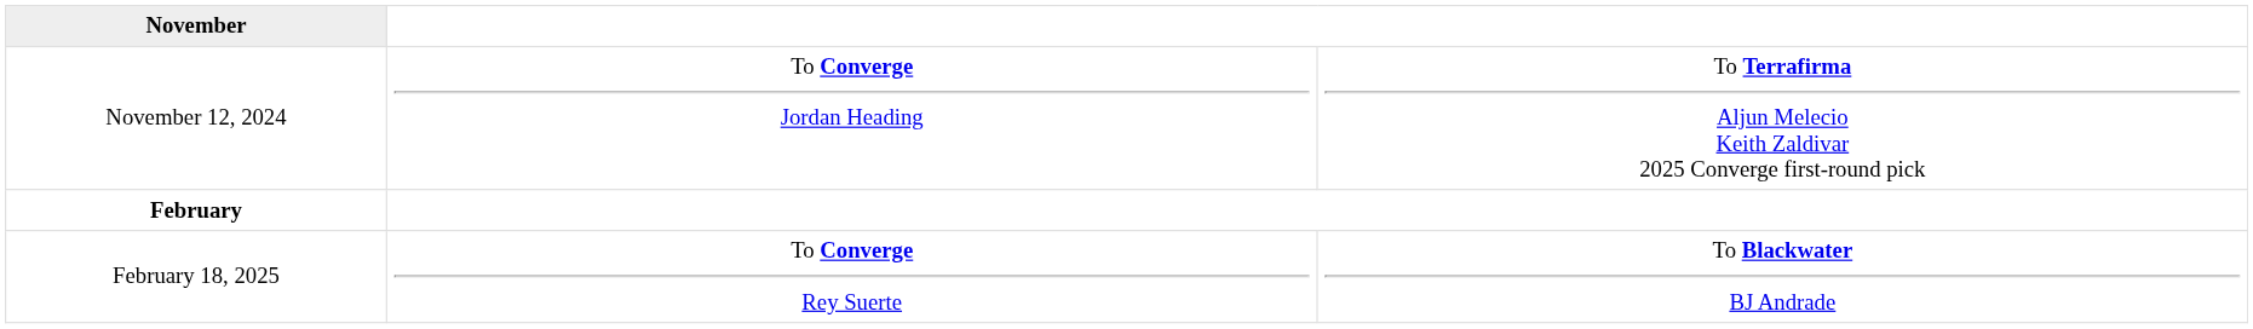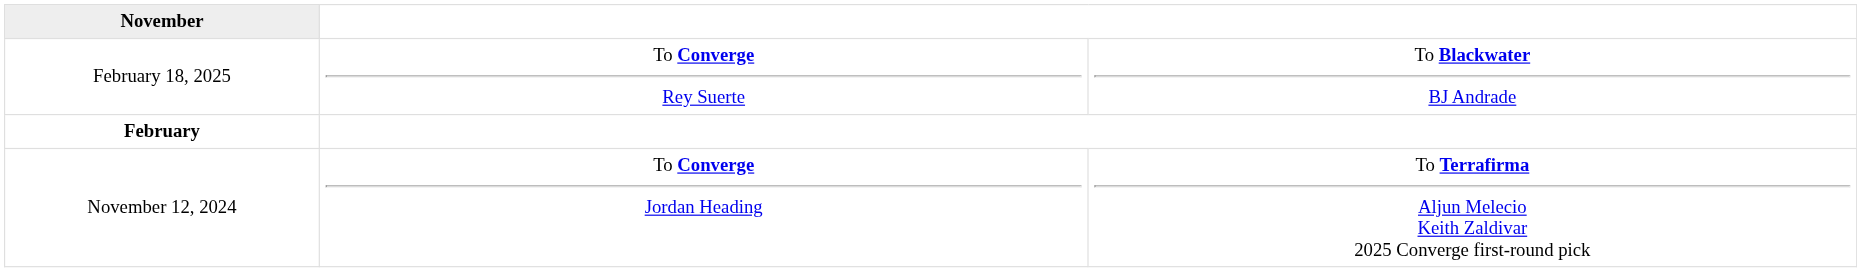 <table border=1 style="border-collapse:collapse; text-align: center; width: 100%" bordercolor="#DFDFDF"  cellpadding="5">
 <tr bgcolor="eeeeee">
 <th>November</th>
+</tr>
+<tr>
+<td style="width:12%">February 18, 2025</td>
+<td style="width:29.3%" valign="top">To <strong><a href='#'>Converge</a></strong><hr><a href='#'>Rey Suerte</a></td>
+<td style="width:29.3%" valign="top">To <strong><a href='#'>Blackwater</a></strong><hr><a href='#'>BJ Andrade</a></td>
+</tr>
+<tr>
+<th>February</th>
 </tr>
 <tr>
 <td style="width:12%">November 12, 2024</td>
 <td style="width:29.3%" valign="top">To <strong><a href='#'>Converge</a></strong><hr><a href='#'>Jordan Heading</a></td>
 <td style="width:29.3%" valign="top">To <strong><a href='#'>Terrafirma</a></strong><hr><a href='#'>Aljun Melecio</a><br><a href='#'>Keith Zaldivar</a><br>2025 Converge first-round pick</td>
 </tr>
-<tr>
-<th>February</th>
-</tr>
-<tr>
-<td style="width:12%">February 18, 2025</td>
-<td style="width:29.3%" valign="top">To <strong><a href='#'>Converge</a></strong><hr><a href='#'>Rey Suerte</a></td>
-<td style="width:29.3%" valign="top">To <strong><a href='#'>Blackwater</a></strong><hr><a href='#'>BJ Andrade</a></td>
-</tr>
 </table>
